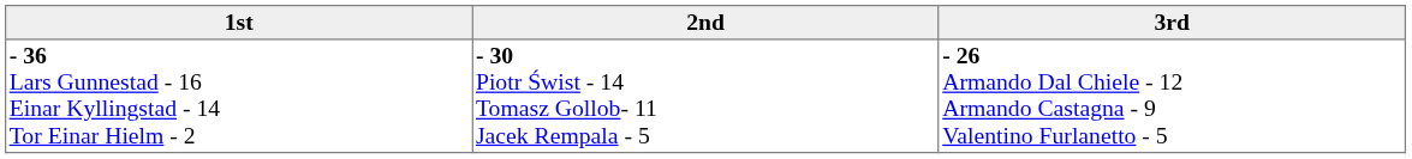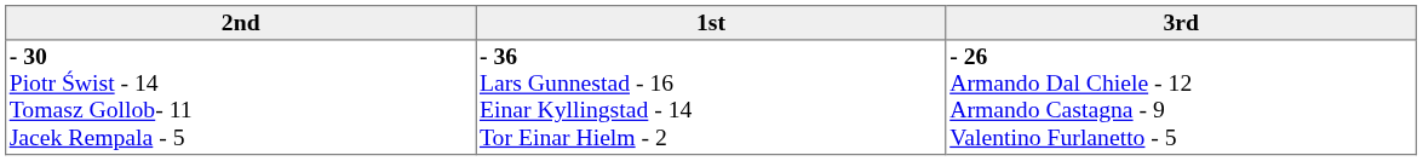 <table border="1" cellpadding="2" cellspacing="0" style="width:75%; border-collapse:collapse">
 <tr style="text-align:left; background:#efefef;">
+<th width=15% align=center >2nd</th>
 <th width=15% align=center >1st</th>
-<th width=15% align=center >2nd</th>
 <th width=15% align=center >3rd</th>
 </tr>
 <tr align=left>
+<td valign=top align=left ><strong> - 30</strong><br><a href='#'>Piotr Świst</a> - 14<br><a href='#'>Tomasz Gollob</a>- 11<br><a href='#'>Jacek Rempala</a> - 5</td>
 <td valign=top align=left ><strong> - 36</strong><br><a href='#'>Lars Gunnestad</a> - 16<br><a href='#'>Einar Kyllingstad</a> - 14<br><a href='#'>Tor Einar Hielm</a> - 2</td>
-<td valign=top align=left ><strong> - 30</strong><br><a href='#'>Piotr Świst</a> - 14<br><a href='#'>Tomasz Gollob</a>- 11<br><a href='#'>Jacek Rempala</a> - 5</td>
 <td valign=top align=left ><strong> - 26</strong><br><a href='#'>Armando Dal Chiele</a> - 12<br><a href='#'>Armando Castagna</a> - 9<br><a href='#'>Valentino Furlanetto</a> - 5</td>
 </tr>
 </table>
